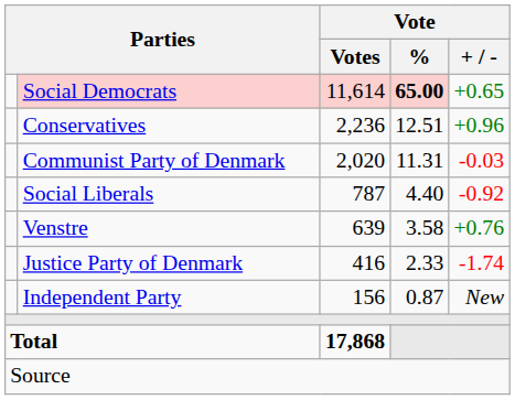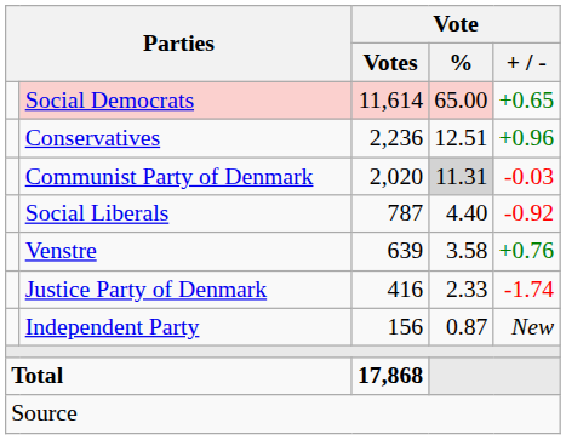 <table class="wikitable" style="text-align:right;">
 <tr>
 <th style="text-align:centre;" rowspan="2" colspan="2" width="225">Parties</th>
 <th colspan="3">Vote</th>
 </tr>
 <tr>
 <th width="15">Votes</th>
 <th width="15">%</th>
 <th width="15">+ / -</th>
 </tr>
 <tr>
 <td width="2" style="color:inherit;background:"></td>
 <td bgcolor=#fbd0ce  align="left"><a href='#'>Social Democrats</a></td>
 <td bgcolor=#fbd0ce>11,614</td>
-<td bgcolor=#fbd0ce><strong>65.00</strong></td>
+<td bgcolor=#fbd0ce>65.00</td>
 <td style=color:green;>+0.65</td>
 </tr>
 <tr>
 <td width="2" style="color:inherit;background:"></td>
 <td align="left"><a href='#'>Conservatives</a></td>
 <td>2,236</td>
 <td>12.51</td>
 <td style=color:green;>+0.96</td>
 </tr>
 <tr>
 <td width="2" style="color:inherit;background:"></td>
 <td align="left"><a href='#'>Communist Party of Denmark</a></td>
 <td>2,020</td>
-<td>11.31</td>
+<td style="background: lightgrey;">11.31</td>
 <td style=color:red;>-0.03</td>
 </tr>
 <tr>
 <td width="2" style="color:inherit;background:"></td>
 <td align="left"><a href='#'>Social Liberals</a></td>
 <td>787</td>
 <td>4.40</td>
 <td style=color:red;>-0.92</td>
 </tr>
 <tr>
 <td width="2" style="color:inherit;background:"></td>
 <td align="left"><a href='#'>Venstre</a></td>
 <td>639</td>
 <td>3.58</td>
 <td style=color:green;>+0.76</td>
 </tr>
 <tr>
 <td width="2" style="color:inherit;background:"></td>
 <td align="left"><a href='#'>Justice Party of Denmark</a></td>
 <td>416</td>
 <td>2.33</td>
 <td style=color:red;>-1.74</td>
 </tr>
 <tr>
 <td width="2" style="color:inherit;background:"></td>
 <td align="left"><a href='#'>Independent Party</a></td>
 <td>156</td>
 <td>0.87</td>
 <td><em>New</em></td>
 </tr>
 <tr>
 <td colspan="7" bgcolor="#E9E9E9"></td>
 </tr>
 <tr>
 <td align="left" colspan="2"><strong>Total</strong></td>
 <td><strong>17,868</strong></td>
 <td bgcolor="#E9E9E9" colspan="2"></td>
 </tr>
 <tr>
 <td align="left" colspan="6">Source</td>
 </tr>
 </table>
